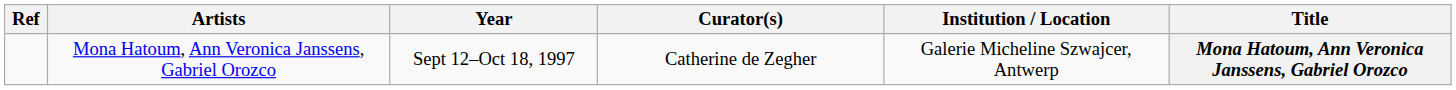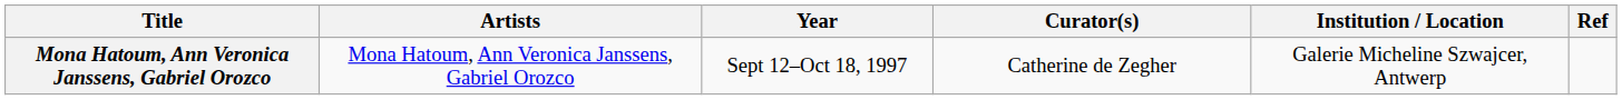 <table class="wikitable mw-collapsible plainrowheaders" style="text-align:center;">
 <tr>
-<th scope="col" style="width:2em;">Ref</th>
+<th scope="col" style="width:20em;">Title</th>
 <th scope="col" style="width:25em;">Artists</th>
 <th scope="col" style="width:15em;">Year</th>
 <th scope="col" style="width:20em;">Curator(s)</th>
 <th scope="col" style="width:20em;">Institution / Location</th>
-<th scope="col" style="width:20em;">Title</th>
+<th scope="col" style="width:2em;">Ref</th>
 </tr>
 <tr>
-<td></td>
+<th scope="row"><em>Mona Hatoum, Ann Veronica Janssens, Gabriel Orozco</em></th>
 <td><a href='#'>Mona Hatoum</a>, <a href='#'>Ann Veronica Janssens</a>, <a href='#'>Gabriel Orozco</a></td>
 <td>Sept 12–Oct 18, 1997</td>
 <td>Catherine de Zegher</td>
 <td>Galerie Micheline Szwajcer, Antwerp</td>
-<th scope="row"><em>Mona Hatoum, Ann Veronica Janssens, Gabriel Orozco</em></th>
+<td></td>
 </tr>
 </table>
